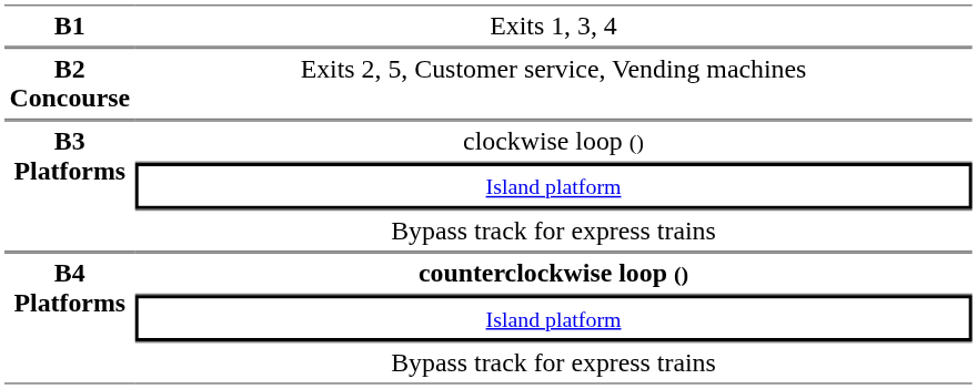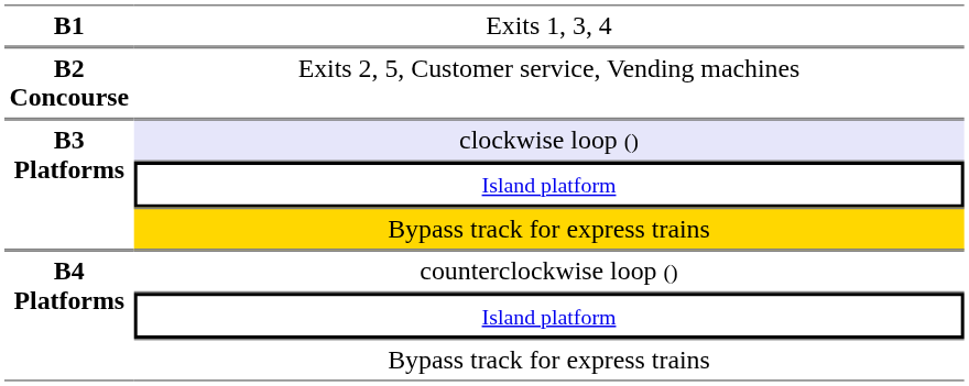 <table table border=0 cellspacing=0 cellpadding=3>
 <tr>
 <td style="border-bottom:solid 1px gray; border-top:solid 1px gray;text-align:center" valign=top><strong>B1</strong></td>
 <td style="border-bottom:solid 1px gray; border-top:solid 1px gray;text-align:center;" valign=top width=500>Exits 1, 3, 4</td>
 </tr>
 <tr>
 <td style="border-bottom:solid 1px gray; border-top:solid 1px gray;text-align:center" valign=top><strong>B2<br>Concourse</strong></td>
 <td style="border-bottom:solid 1px gray; border-top:solid 1px gray;text-align:center;" valign=top width=500>Exits 2, 5, Customer service, Vending machines</td>
 </tr>
 <tr>
 <td style="border-bottom:solid 1px gray; border-top:solid 1px gray;text-align:center" rowspan="3" valign=top><strong>B3<br>Platforms</strong></td>
-<td style="border-bottom:solid 1px gray; border-top:solid 1px gray;text-align:center"> clockwise loop <small>()</small> </td>
+<td style="background: lavender; border-bottom:solid 1px gray; border-top:solid 1px gray;text-align:center"> clockwise loop <small>()</small> </td>
 </tr>
 <tr>
 <td style="border-right:solid 2px black;border-left:solid 2px black;border-top:solid 2px black;border-bottom:solid 2px black;text-align:center;" colspan=2><small><a href='#'>Island platform</a></small></td>
 </tr>
 <tr>
-<td style="border-bottom:solid 1px gray; border-top:solid 1px gray;text-align:center">Bypass track for  express trains </td>
+<td style="background: gold; border-bottom:solid 1px gray; border-top:solid 1px gray;text-align:center">Bypass track for  express trains </td>
 </tr>
 <tr>
 <td style="border-bottom:solid 1px gray; border-top:solid 1px gray;text-align:center" rowspan="3" valign=top><strong>B4<br>Platforms</strong></td>
-<td style="border-bottom:solid 1px gray; border-top:solid 1px gray;text-align:center"><strong>  counterclockwise loop <small>()</small></strong></td>
+<td style="border-bottom:solid 1px gray; border-top:solid 1px gray;text-align:center">  counterclockwise loop <small>()</small></td>
 </tr>
 <tr>
 <td style="border-right:solid 2px black;border-left:solid 2px black;border-top:solid 2px black;border-bottom:solid 2px black;text-align:center;" colspan=2><small><a href='#'>Island platform</a></small></td>
 </tr>
 <tr>
 <td style="border-bottom:solid 1px gray; border-top:solid 1px gray;text-align:center"> Bypass track for  express trains</td>
 </tr>
 </table>
